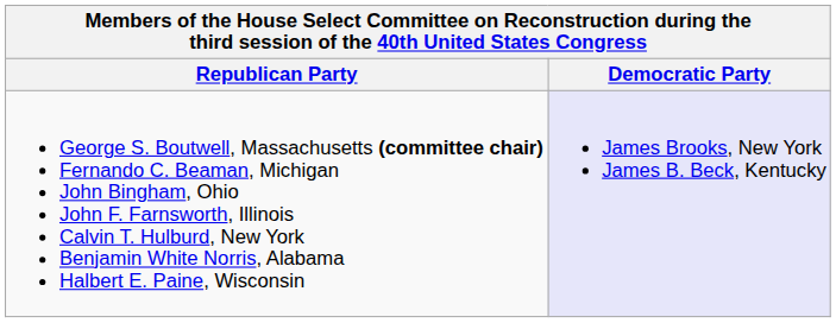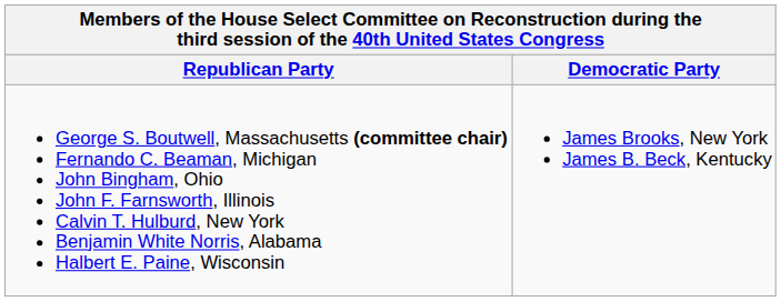 <table class=wikitable>
 <tr>
 <th Colspan=3>Members of the House Select Committee on Reconstruction during the<br>third session of the  <a href='#'>40th United States Congress</a></th>
 </tr>
 <tr>
 <th><a href='#'>Republican Party</a></th>
 <th><a href='#'>Democratic Party</a></th>
 </tr>
 <tr>
 <td valign=top ><br><ul><li><a href='#'>George S. Boutwell</a>, Massachusetts <strong>(committee chair)</strong></li><li><a href='#'>Fernando C. Beaman</a>, Michigan</li><li><a href='#'>John Bingham</a>, Ohio</li><li><a href='#'>John F. Farnsworth</a>, Illinois</li><li><a href='#'>Calvin T. Hulburd</a>, New York</li><li><a href='#'>Benjamin White Norris</a>, Alabama</li><li><a href='#'>Halbert E. Paine</a>, Wisconsin</li></ul></td>
-<td valign=top  style="background: lavender;"><br><ul><li><a href='#'>James Brooks</a>, New York</li><li><a href='#'>James B. Beck</a>, Kentucky</li></ul></td>
+<td valign=top ><br><ul><li><a href='#'>James Brooks</a>, New York</li><li><a href='#'>James B. Beck</a>, Kentucky</li></ul></td>
 </tr>
 </table>
